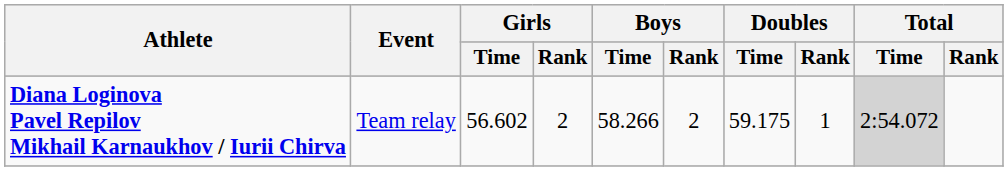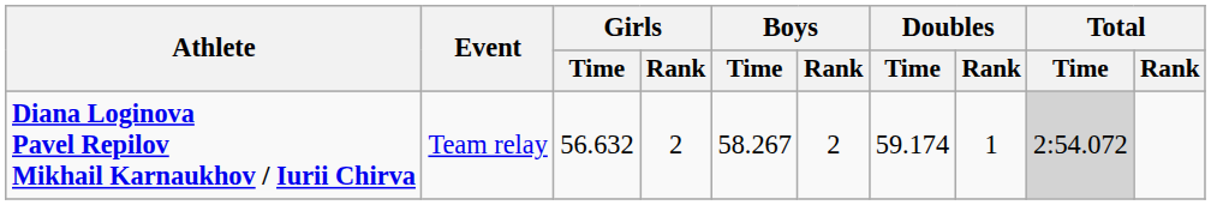 <table class="wikitable" style="font-size:90%; text-align:center;">
 <tr>
 <th rowspan=2>Athlete</th>
 <th rowspan=2>Event</th>
 <th colspan=2>Girls</th>
 <th colspan=2>Boys</th>
 <th colspan=2>Doubles</th>
 <th colspan=2>Total</th>
 </tr>
 <tr style="font-size:95%">
 <th>Time</th>
 <th>Rank</th>
 <th>Time</th>
 <th>Rank</th>
 <th>Time</th>
 <th>Rank</th>
 <th>Time</th>
 <th>Rank</th>
 </tr>
 <tr>
 <td align=left><strong><a href='#'>Diana Loginova</a><br><a href='#'>Pavel Repilov</a><br><a href='#'>Mikhail Karnaukhov</a> / <a href='#'>Iurii Chirva</a></strong></td>
 <td align=left><a href='#'>Team relay</a></td>
-<td>56.602</td>
+<td>56.632</td>
 <td>2</td>
-<td>58.266</td>
+<td>58.267</td>
 <td>2</td>
-<td>59.175</td>
+<td>59.174</td>
 <td>1</td>
 <td style="background: lightgrey;">2:54.072</td>
 <td></td>
 </tr>
 </table>
